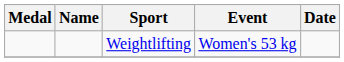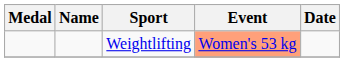 <table class="wikitable sortable"  style="font-size:95%">
 <tr>
 <th>Medal</th>
 <th>Name</th>
 <th>Sport</th>
 <th>Event</th>
 <th>Date</th>
 </tr>
 <tr>
 <td></td>
 <td></td>
 <td><a href='#'>Weightlifting</a></td>
-<td><a href='#'>Women's 53 kg</a></td>
+<td style="background: lightsalmon;"><a href='#'>Women's 53 kg</a></td>
 <td></td>
 </tr>
 <tr>
 </tr>
 </table>
